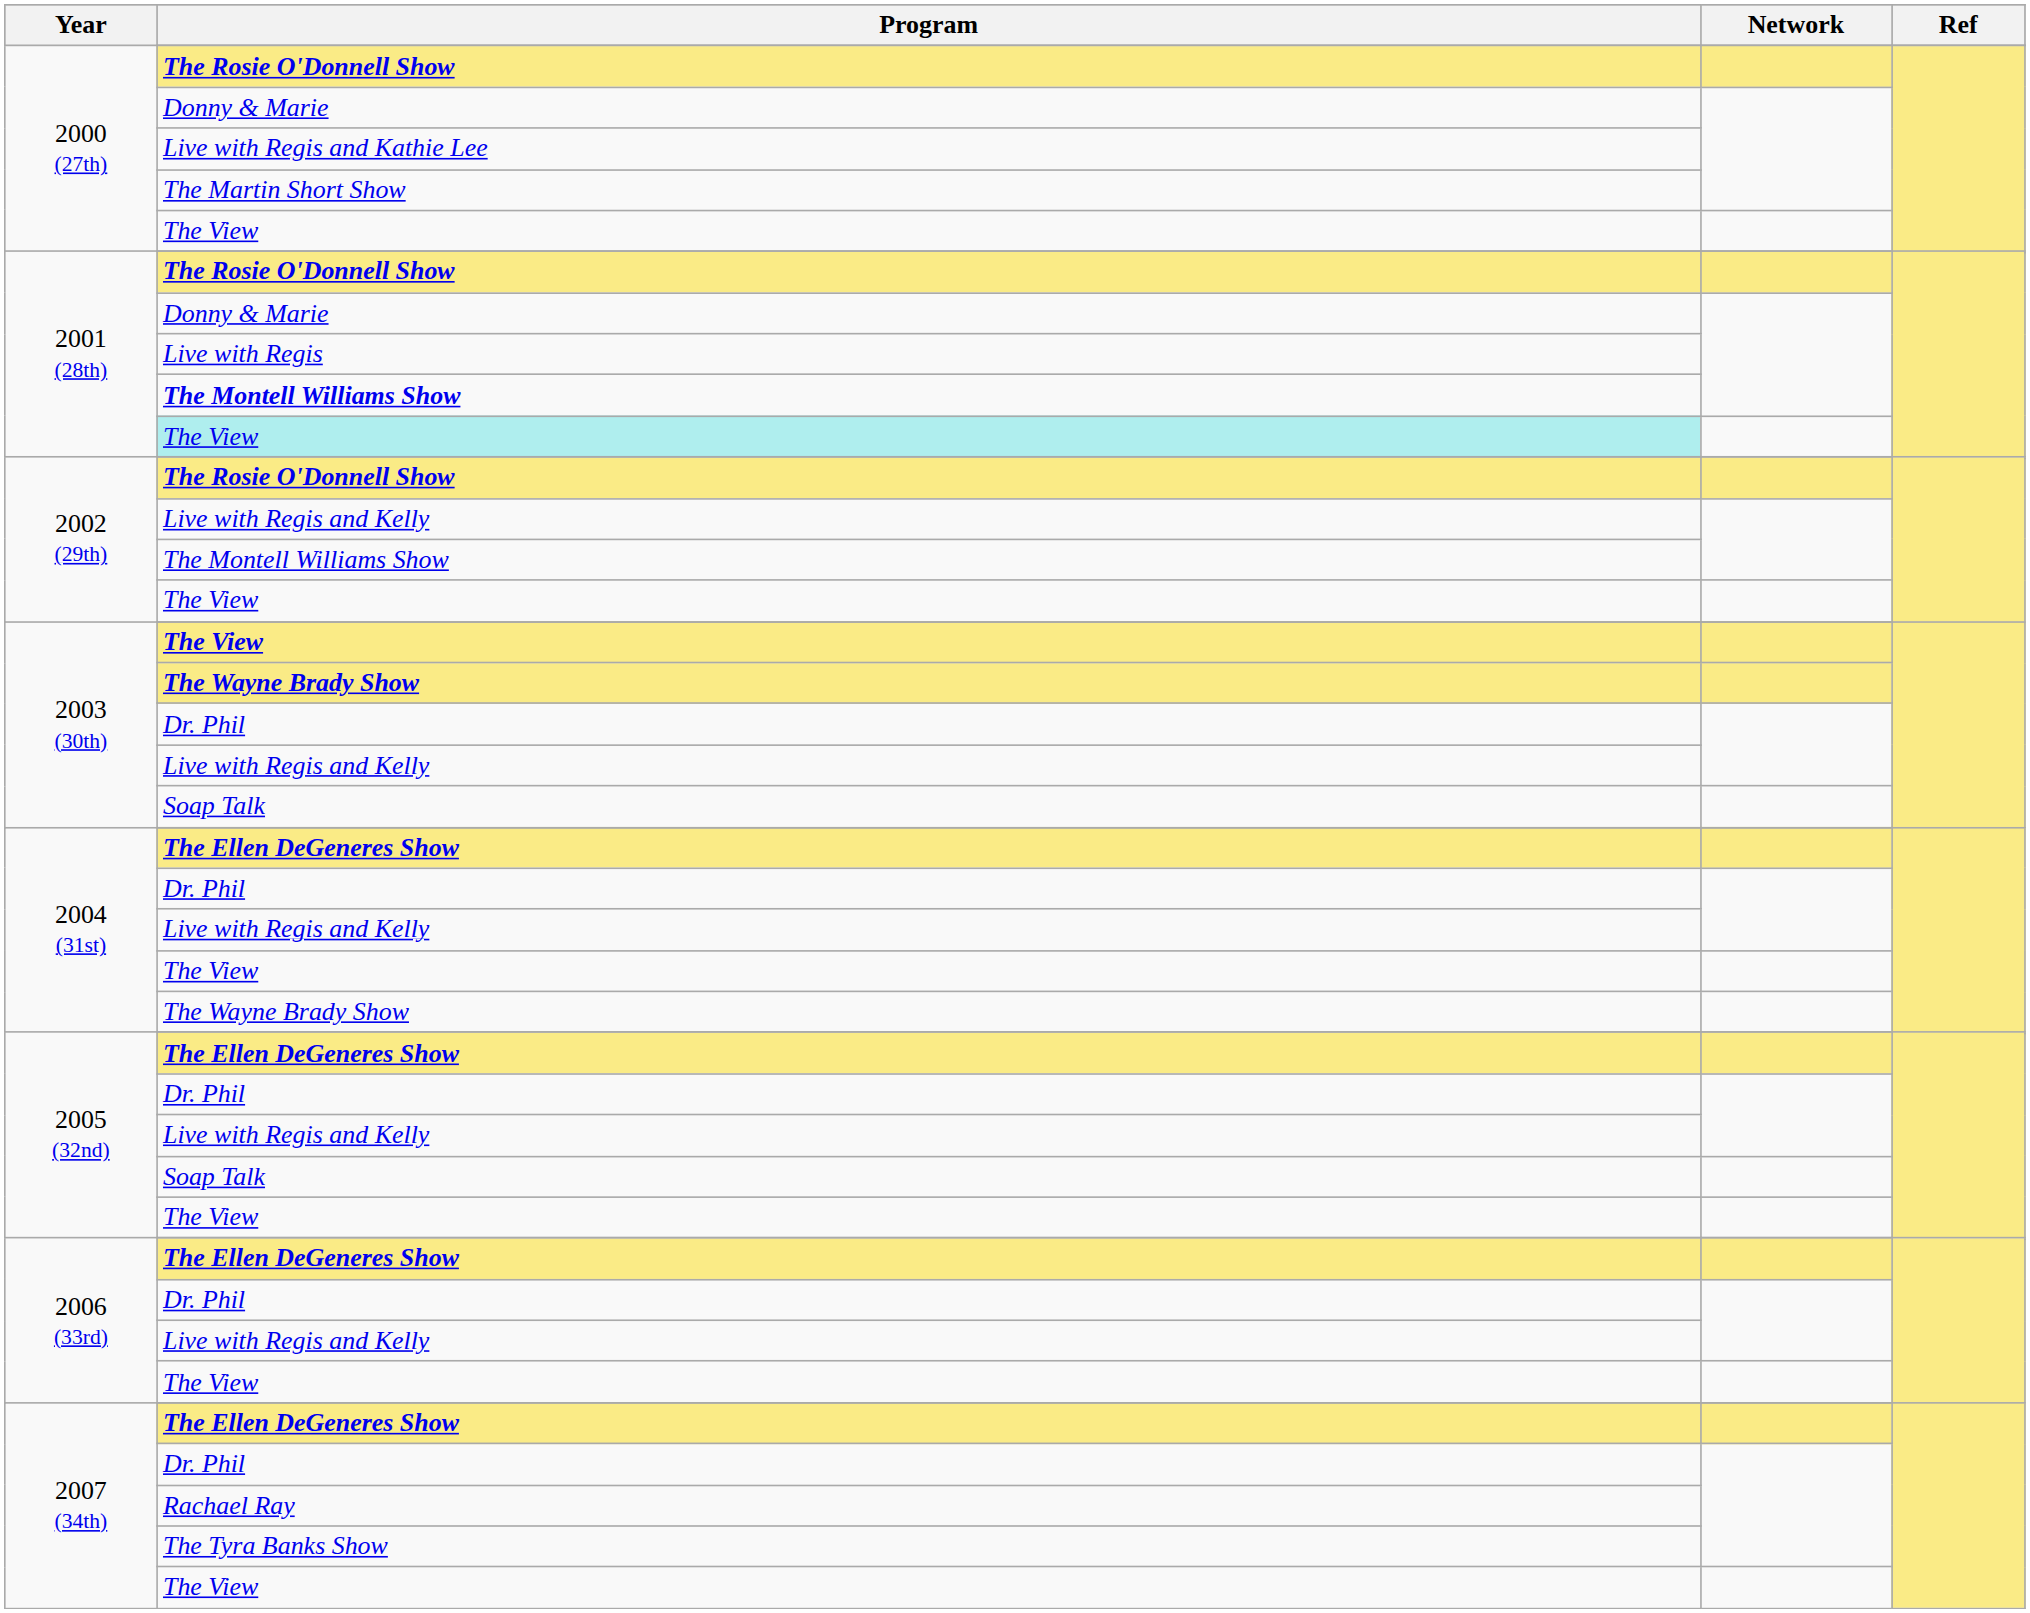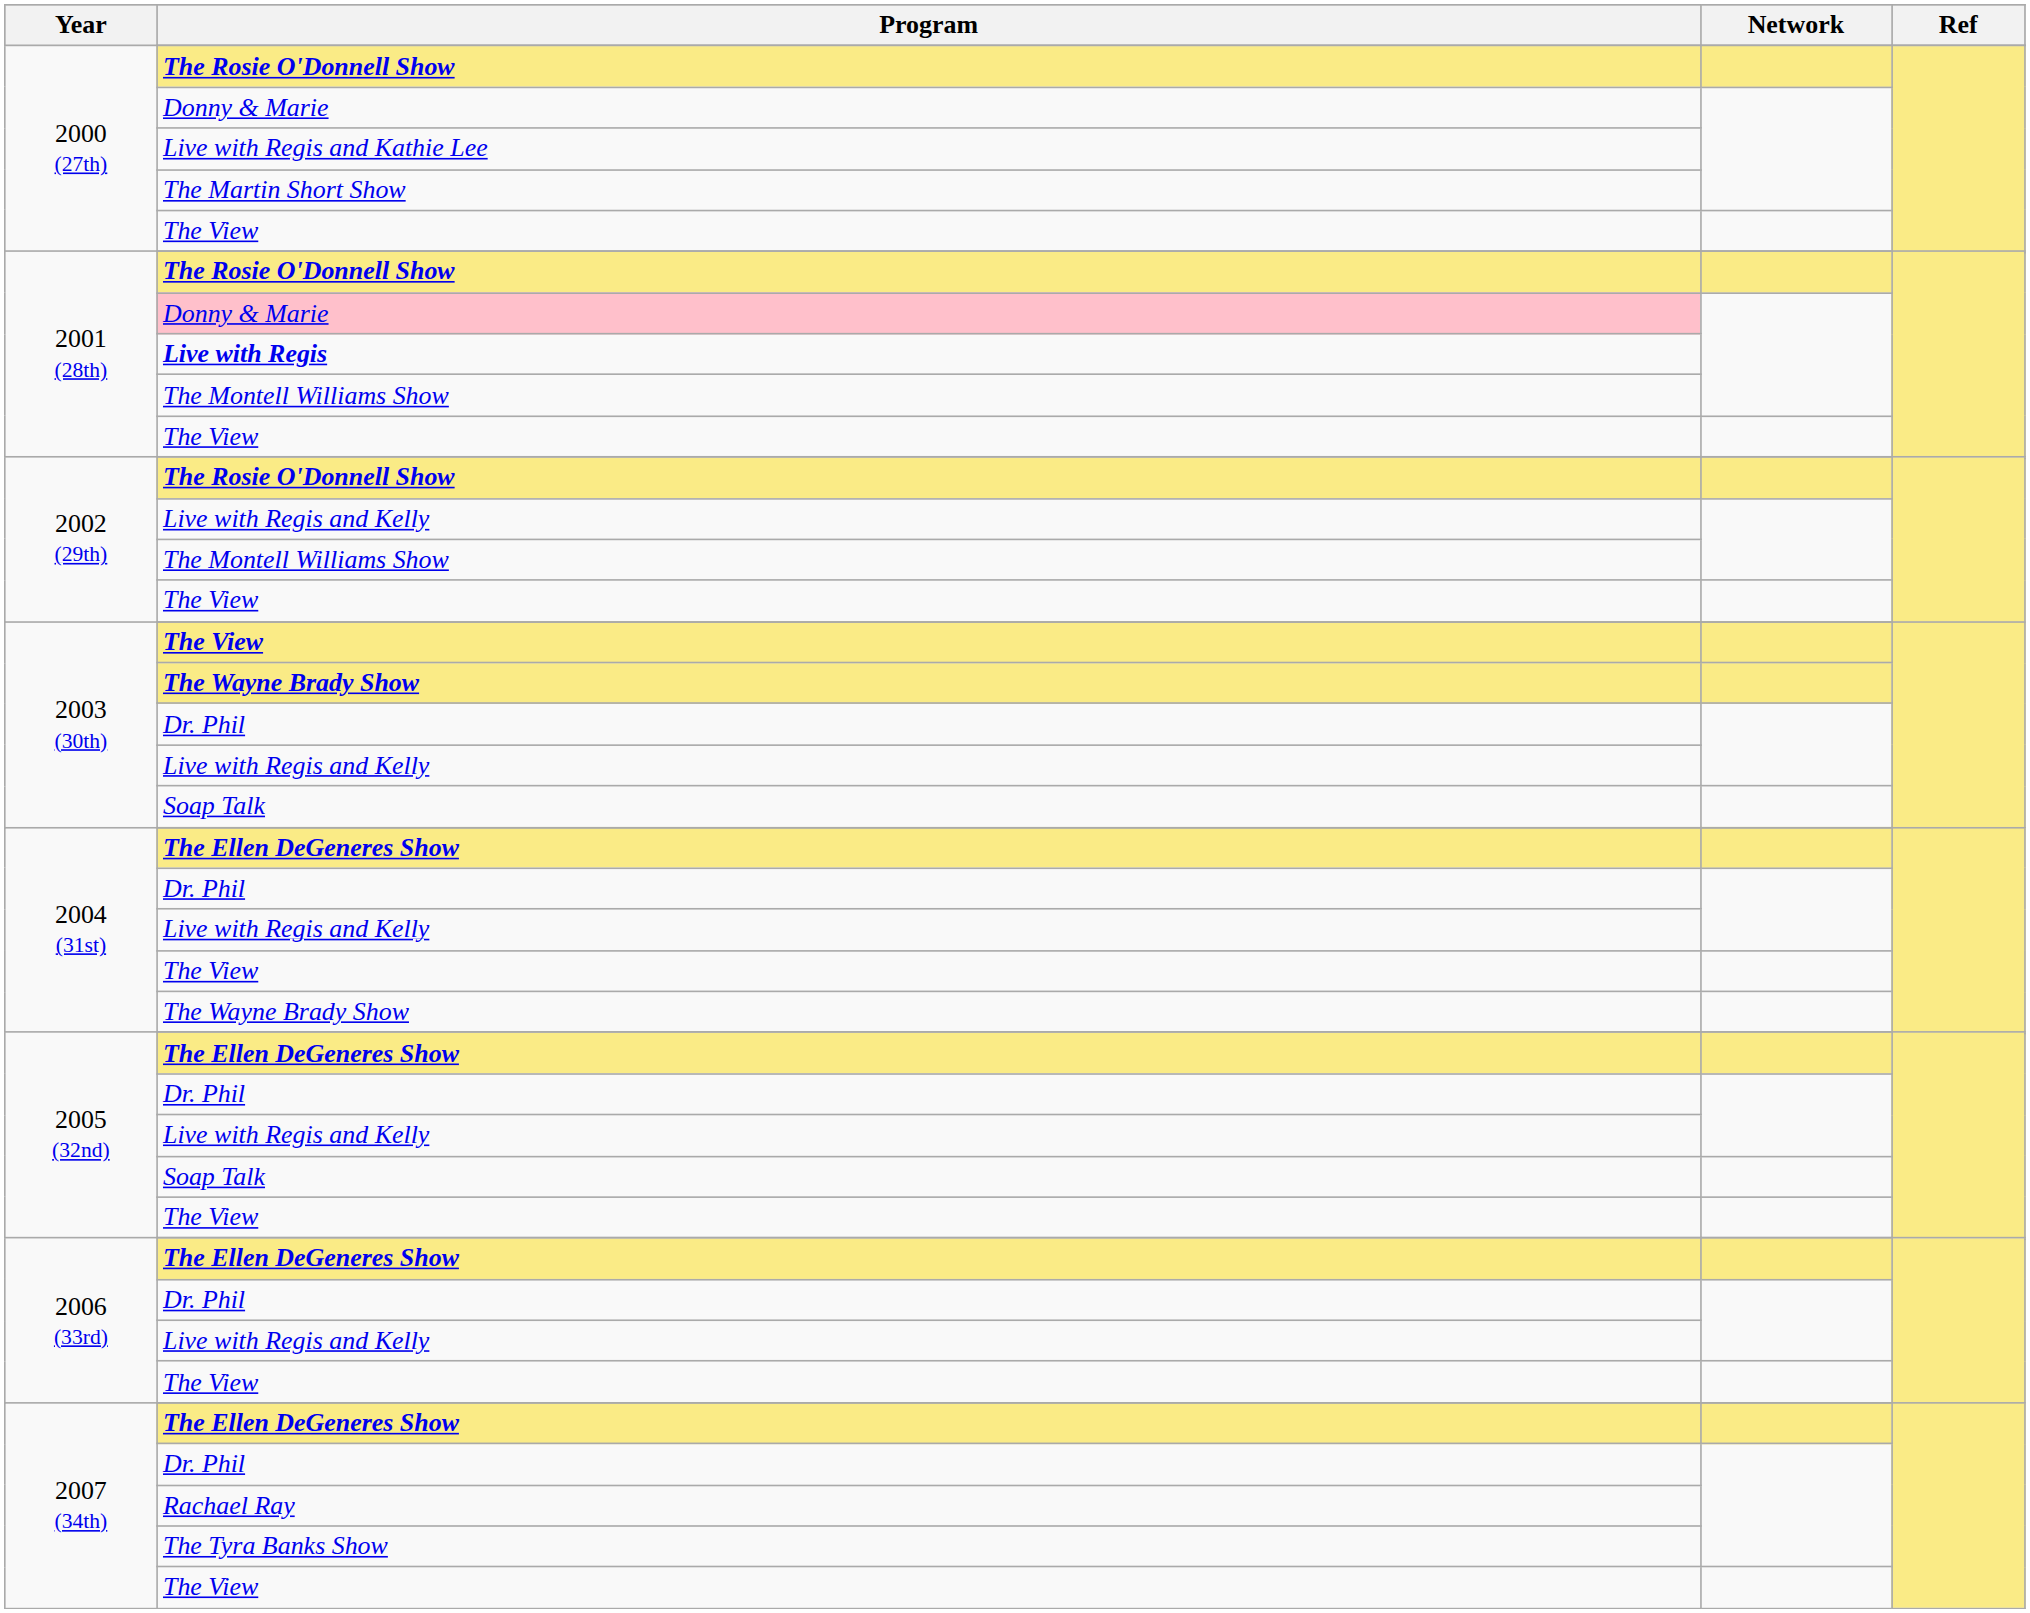 <table class="wikitable">
 <tr style="background:#bebebe;">
 <th style="width:1%;">Year</th>
 <th style="width:15%;">Program</th>
 <th style="width:1%;">Network</th>
 <th style="width:1%;">Ref</th>
 </tr>
 <tr>
 <td rowspan=6 style="text-align:center">2000<br><small><a href='#'>(27th)</a></small></td>
 </tr>
 <tr style="background:#FAEB86"|>
 <td><strong><em><a href='#'>The Rosie O'Donnell Show</a></em></strong> </td>
 <td style="background:#FAEB86"></td>
 <td rowspan=6></td>
 </tr>
 <tr>
 <td><em><a href='#'>Donny & Marie</a></em></td>
 <td rowspan=3></td>
 </tr>
 <tr>
 <td><em><a href='#'>Live with Regis and Kathie Lee</a></em></td>
 </tr>
 <tr>
 <td><em><a href='#'>The Martin Short Show</a></em></td>
 </tr>
 <tr>
 <td><em><a href='#'>The View</a></em></td>
 <td></td>
 </tr>
 <tr>
 <td rowspan=6 style="text-align:center">2001<br><small><a href='#'>(28th)</a></small></td>
 </tr>
 <tr style="background:#FAEB86"|>
 <td><strong><em><a href='#'>The Rosie O'Donnell Show</a></em></strong> </td>
 <td style="background:#FAEB86"></td>
 <td rowspan=6></td>
 </tr>
 <tr>
-<td><em><a href='#'>Donny & Marie</a></em></td>
+<td style="background: pink;"><em><a href='#'>Donny & Marie</a></em></td>
 <td rowspan=3></td>
 </tr>
 <tr>
-<td><em><a href='#'>Live with Regis</a></em></td>
+<td><strong><em><a href='#'>Live with Regis</a></em></strong></td>
 </tr>
 <tr>
-<td><strong><em><a href='#'>The Montell Williams Show</a></em></strong></td>
+<td><em><a href='#'>The Montell Williams Show</a></em></td>
 </tr>
 <tr>
-<td style="background: paleturquoise;"><em><a href='#'>The View</a></em></td>
+<td><em><a href='#'>The View</a></em></td>
 <td></td>
 </tr>
 <tr>
 <td rowspan=5 style="text-align:center">2002<br><small><a href='#'>(29th)</a></small></td>
 </tr>
 <tr style="background:#FAEB86"|>
 <td><strong><em><a href='#'>The Rosie O'Donnell Show</a></em></strong> </td>
 <td style="background:#FAEB86"></td>
 <td rowspan=5></td>
 </tr>
 <tr>
 <td><em><a href='#'>Live with Regis and Kelly</a></em></td>
 <td rowspan=2></td>
 </tr>
 <tr>
 <td><em><a href='#'>The Montell Williams Show</a></em></td>
 </tr>
 <tr>
 <td><em><a href='#'>The View</a></em></td>
 <td></td>
 </tr>
 <tr>
 <td rowspan=6 style="text-align:center">2003<br><small><a href='#'>(30th)</a></small></td>
 </tr>
 <tr style="background:#FAEB86"|>
 <td><strong><em><a href='#'>The View</a></em></strong> </td>
 <td style="background:#FAEB86"></td>
 <td rowspan=6></td>
 </tr>
 <tr style="background:#FAEB86"|>
 <td><strong><em><a href='#'>The Wayne Brady Show</a></em></strong> </td>
 <td></td>
 </tr>
 <tr>
 <td><em><a href='#'>Dr. Phil</a></em></td>
 <td rowspan=2></td>
 </tr>
 <tr>
 <td><em><a href='#'>Live with Regis and Kelly</a></em></td>
 </tr>
 <tr>
 <td><em><a href='#'>Soap Talk</a></em></td>
 <td></td>
 </tr>
 <tr>
 <td rowspan=6 style="text-align:center">2004<br><small><a href='#'>(31st)</a></small></td>
 </tr>
 <tr style="background:#FAEB86"|>
 <td><strong><em><a href='#'>The Ellen DeGeneres Show</a></em></strong> </td>
 <td style="background:#FAEB86"></td>
 <td rowspan=6></td>
 </tr>
 <tr>
 <td><em><a href='#'>Dr. Phil</a></em></td>
 <td rowspan=2></td>
 </tr>
 <tr>
 <td><em><a href='#'>Live with Regis and Kelly</a></em></td>
 </tr>
 <tr>
 <td><em><a href='#'>The View</a></em></td>
 <td></td>
 </tr>
 <tr>
 <td><em><a href='#'>The Wayne Brady Show</a></em></td>
 <td></td>
 </tr>
 <tr>
 <td rowspan=6 style="text-align:center">2005<br><small><a href='#'>(32nd)</a></small></td>
 </tr>
 <tr style="background:#FAEB86"|>
 <td><strong><em><a href='#'>The Ellen DeGeneres Show</a></em></strong> </td>
 <td style="background:#FAEB86"></td>
 <td rowspan=6></td>
 </tr>
 <tr>
 <td><em><a href='#'>Dr. Phil</a></em></td>
 <td rowspan=2></td>
 </tr>
 <tr>
 <td><em><a href='#'>Live with Regis and Kelly</a></em></td>
 </tr>
 <tr>
 <td><em><a href='#'>Soap Talk</a></em></td>
 <td></td>
 </tr>
 <tr>
 <td><em><a href='#'>The View</a></em></td>
 <td></td>
 </tr>
 <tr>
 <td rowspan=5 style="text-align:center">2006<br><small><a href='#'>(33rd)</a></small></td>
 </tr>
 <tr style="background:#FAEB86"|>
 <td><strong><em><a href='#'>The Ellen DeGeneres Show</a></em></strong> </td>
 <td style="background:#FAEB86"></td>
 <td rowspan=5></td>
 </tr>
 <tr>
 <td><em><a href='#'>Dr. Phil</a></em></td>
 <td rowspan=2></td>
 </tr>
 <tr>
 <td><em><a href='#'>Live with Regis and Kelly</a></em></td>
 </tr>
 <tr>
 <td><em><a href='#'>The View</a></em></td>
 <td></td>
 </tr>
 <tr>
 <td rowspan=6 style="text-align:center">2007<br><small><a href='#'>(34th)</a></small></td>
 </tr>
 <tr style="background:#FAEB86"|>
 <td><strong><em><a href='#'>The Ellen DeGeneres Show</a></em></strong> </td>
 <td style="background:#FAEB86"></td>
 <td rowspan=6></td>
 </tr>
 <tr>
 <td><em><a href='#'>Dr. Phil</a></em></td>
 <td rowspan=3></td>
 </tr>
 <tr>
 <td><em><a href='#'>Rachael Ray</a></em></td>
 </tr>
 <tr>
 <td><em><a href='#'>The Tyra Banks Show</a></em></td>
 </tr>
 <tr>
 <td><em><a href='#'>The View</a></em></td>
 <td></td>
 </tr>
 </table>
